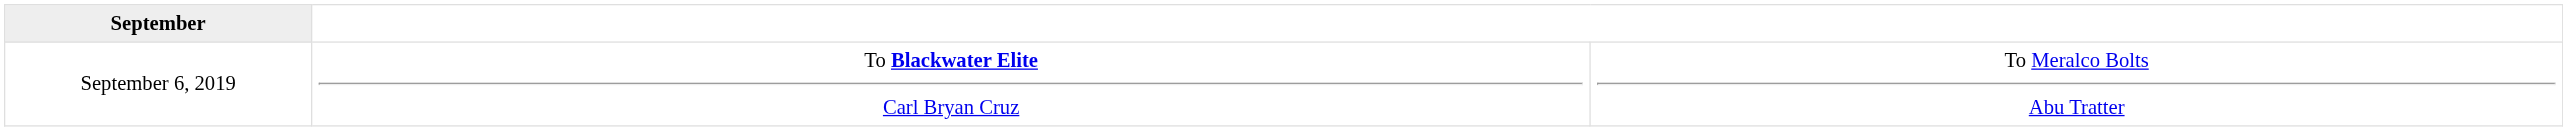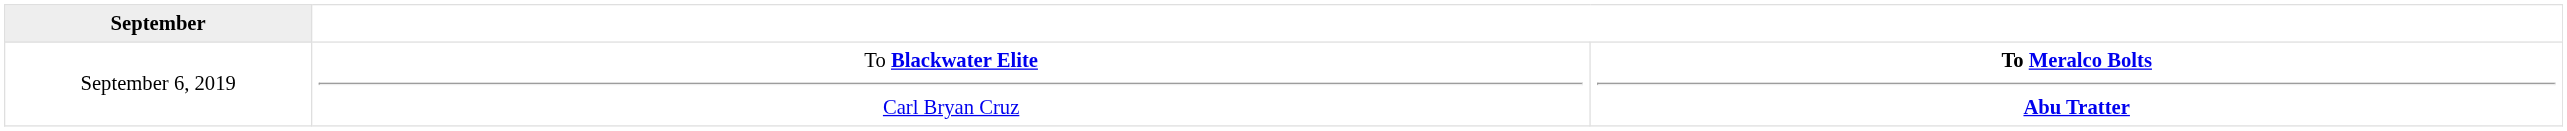 <table border=1 style="border-collapse:collapse; text-align: center; width: 100%" bordercolor="#DFDFDF"  cellpadding="5">
 <tr bgcolor="eeeeee">
 <th>September</th>
 </tr>
 <tr>
 <td style="width:12%" rowspan=1>September 6, 2019</td>
 <td style="width:50%" valign="top">To <strong><a href='#'>Blackwater Elite</a></strong><hr><a href='#'>Carl Bryan Cruz</a></td>
-<td style="width:50%" valign="top">To <a href='#'>Meralco Bolts</a><hr><a href='#'>Abu Tratter</a></td>
+<td style="width:50%" valign="top"><strong>To <a href='#'>Meralco Bolts</a><hr><a href='#'>Abu Tratter</a></strong></td>
 </tr>
 </table>
